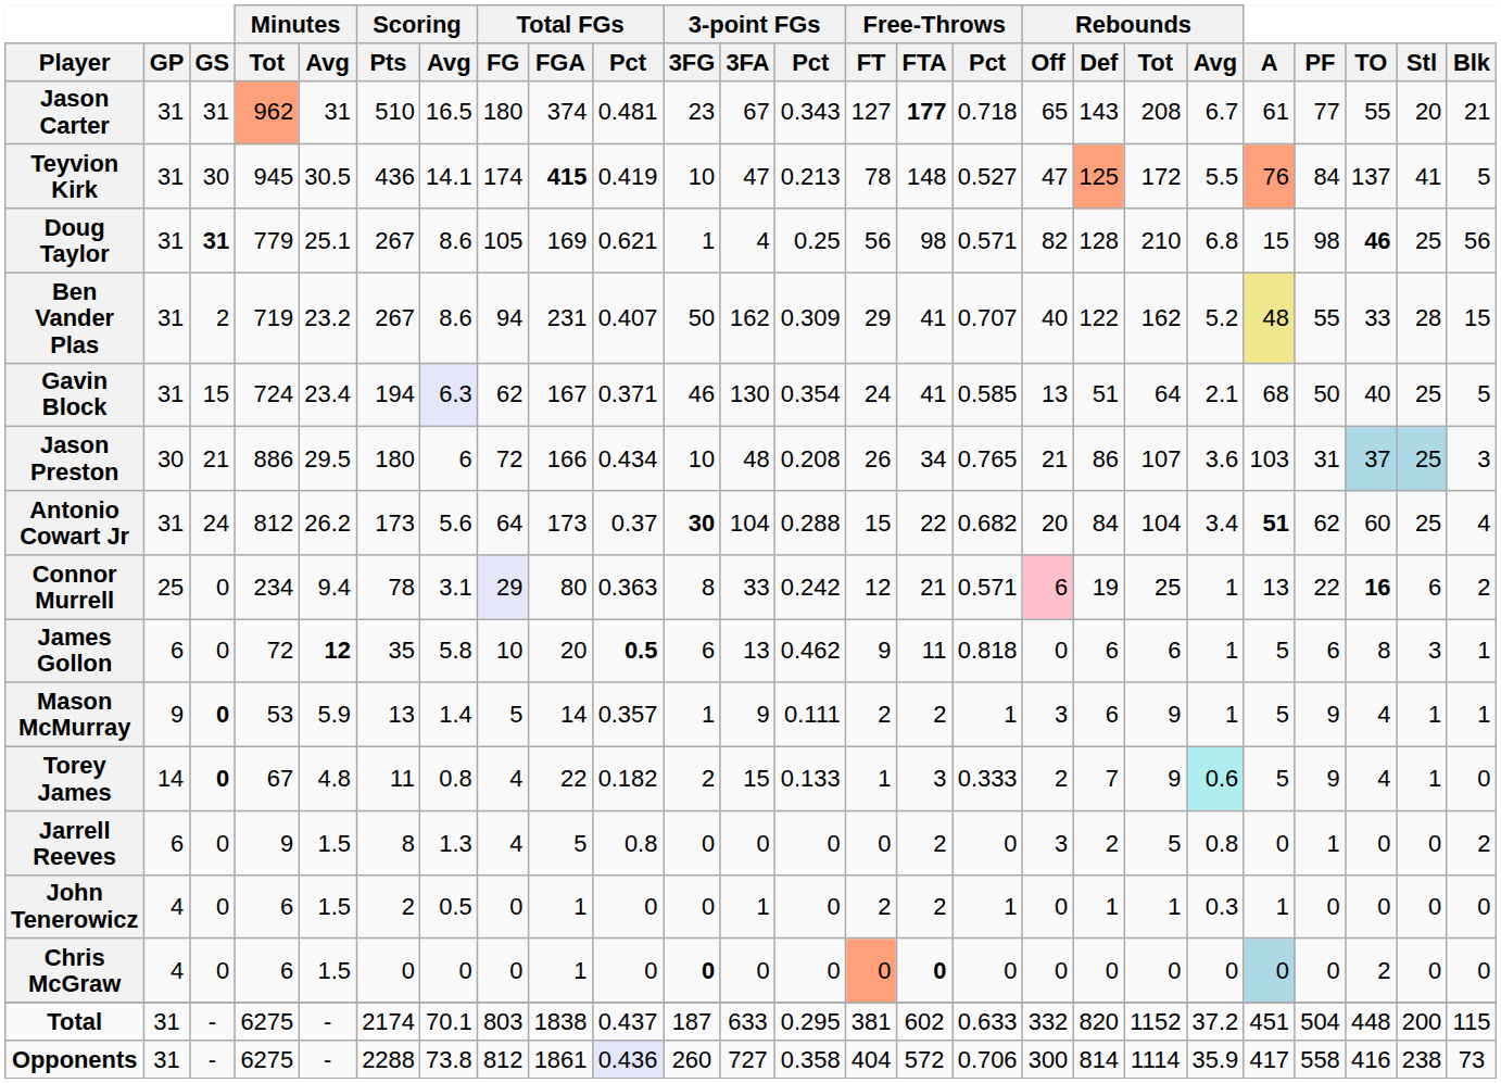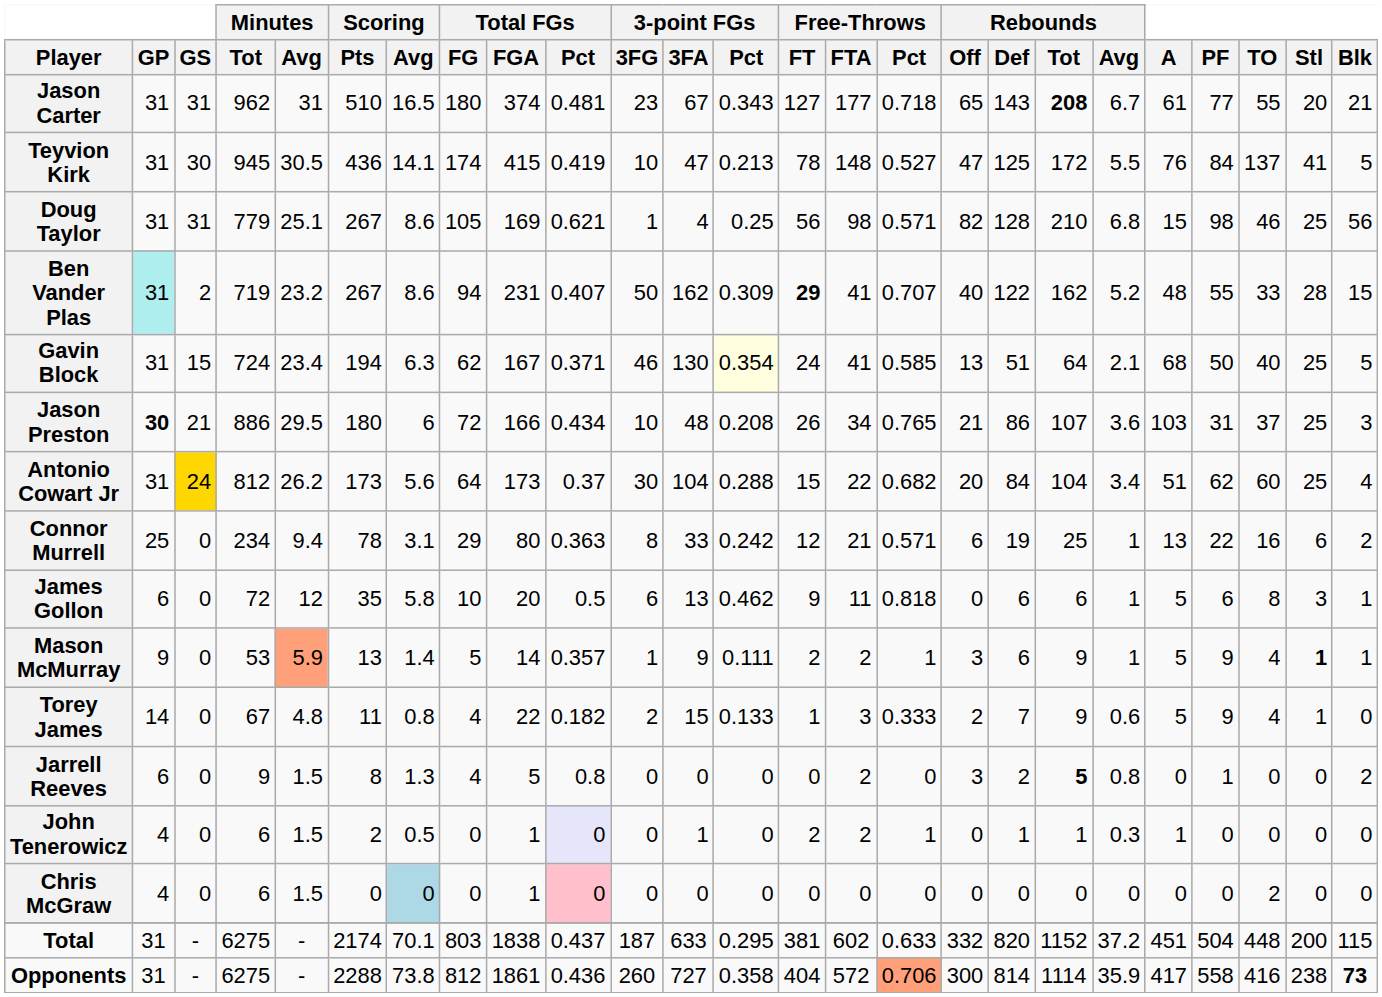 <table class="wikitable sortable" border="1" style="font-size:90%;">
 <tr>
 <th colspan="3" style="border-top-style:hidden; border-left-style:hidden; background: white;"></th>
 <th colspan="2" style=>Minutes</th>
 <th colspan="2" style=>Scoring</th>
 <th colspan="3" style=>Total FGs</th>
 <th colspan="3" style=>3-point FGs</th>
 <th colspan="3" style=>Free-Throws</th>
 <th colspan="4" style=>Rebounds</th>
 <th colspan="5" style="border-top-style:hidden; border-right-style:hidden; background: white;"></th>
 </tr>
 <tr>
 <th scope="col" style=>Player</th>
 <th scope="col" style=>GP</th>
 <th scope="col" style=>GS</th>
 <th scope="col" style=>Tot</th>
 <th scope="col" style=>Avg</th>
 <th scope="col" style=>Pts</th>
 <th scope="col" style=>Avg</th>
 <th scope="col" style=>FG</th>
 <th scope="col" style=>FGA</th>
 <th scope="col" style=>Pct</th>
 <th scope="col" style=>3FG</th>
 <th scope="col" style=>3FA</th>
 <th scope="col" style=>Pct</th>
 <th scope="col" style=>FT</th>
 <th scope="col" style=>FTA</th>
 <th scope="col" style=>Pct</th>
 <th scope="col" style=>Off</th>
 <th scope="col" style=>Def</th>
 <th scope="col" style=>Tot</th>
 <th scope="col" style=>Avg</th>
 <th scope="col" style=>A</th>
 <th scope="col" style=>PF</th>
 <th scope="col" style=>TO</th>
 <th scope="col" style=>Stl</th>
 <th scope="col" style=>Blk</th>
 </tr>
 <tr>
 <th>Jason Carter</th>
 <td align="right">31</td>
 <td align="right">31</td>
-<td align="right" style="background: lightsalmon;">962</td>
+<td align="right">962</td>
 <td align="right">31</td>
 <td align="right">510</td>
 <td align="right">16.5</td>
 <td align="right">180</td>
 <td align="right">374</td>
 <td align="right">0.481</td>
 <td align="right">23</td>
 <td align="right">67</td>
 <td align="right">0.343</td>
 <td align="right">127</td>
-<td align="right"><strong>177</strong></td>
+<td align="right">177</td>
 <td align="right">0.718</td>
 <td align="right">65</td>
 <td align="right">143</td>
-<td align="right">208</td>
+<td align="right"><strong>208</strong></td>
 <td align="right">6.7</td>
 <td align="right">61</td>
 <td align="right">77</td>
 <td align="right">55</td>
 <td align="right">20</td>
 <td align="right">21</td>
 </tr>
 <tr>
 <th>Teyvion Kirk</th>
 <td align="right">31</td>
 <td align="right">30</td>
 <td align="right">945</td>
 <td align="right">30.5</td>
 <td align="right">436</td>
 <td align="right">14.1</td>
 <td align="right">174</td>
-<td align="right"><strong>415</strong></td>
+<td align="right">415</td>
 <td align="right">0.419</td>
 <td align="right">10</td>
 <td align="right">47</td>
 <td align="right">0.213</td>
 <td align="right">78</td>
 <td align="right">148</td>
 <td align="right">0.527</td>
 <td align="right">47</td>
-<td align="right" style="background: lightsalmon;">125</td>
+<td align="right">125</td>
 <td align="right">172</td>
 <td align="right">5.5</td>
-<td align="right" style="background: lightsalmon;">76</td>
+<td align="right">76</td>
 <td align="right">84</td>
 <td align="right">137</td>
 <td align="right">41</td>
 <td align="right">5</td>
 </tr>
 <tr>
 <th>Doug Taylor</th>
 <td align="right">31</td>
-<td align="right"><strong>31</strong></td>
+<td align="right">31</td>
 <td align="right">779</td>
 <td align="right">25.1</td>
 <td align="right">267</td>
 <td align="right">8.6</td>
 <td align="right">105</td>
 <td align="right">169</td>
 <td align="right">0.621</td>
 <td align="right">1</td>
 <td align="right">4</td>
 <td align="right">0.25</td>
 <td align="right">56</td>
 <td align="right">98</td>
 <td align="right">0.571</td>
 <td align="right">82</td>
 <td align="right">128</td>
 <td align="right">210</td>
 <td align="right">6.8</td>
 <td align="right">15</td>
 <td align="right">98</td>
-<td align="right"><strong>46</strong></td>
+<td align="right">46</td>
 <td align="right">25</td>
 <td align="right">56</td>
 </tr>
 <tr>
 <th>Ben Vander Plas</th>
-<td align="right">31</td>
+<td align="right" style="background: paleturquoise;">31</td>
 <td align="right">2</td>
 <td align="right">719</td>
 <td align="right">23.2</td>
 <td align="right">267</td>
 <td align="right">8.6</td>
 <td align="right">94</td>
 <td align="right">231</td>
 <td align="right">0.407</td>
 <td align="right">50</td>
 <td align="right">162</td>
 <td align="right">0.309</td>
-<td align="right">29</td>
+<td align="right"><strong>29</strong></td>
 <td align="right">41</td>
 <td align="right">0.707</td>
 <td align="right">40</td>
 <td align="right">122</td>
 <td align="right">162</td>
 <td align="right">5.2</td>
-<td align="right" style="background: khaki;">48</td>
+<td align="right">48</td>
 <td align="right">55</td>
 <td align="right">33</td>
 <td align="right">28</td>
 <td align="right">15</td>
 </tr>
 <tr>
 <th>Gavin Block</th>
 <td align="right">31</td>
 <td align="right">15</td>
 <td align="right">724</td>
 <td align="right">23.4</td>
 <td align="right">194</td>
-<td align="right" style="background: lavender;">6.3</td>
+<td align="right">6.3</td>
 <td align="right">62</td>
 <td align="right">167</td>
 <td align="right">0.371</td>
 <td align="right">46</td>
 <td align="right">130</td>
-<td align="right">0.354</td>
+<td align="right" style="background: lightyellow;">0.354</td>
 <td align="right">24</td>
 <td align="right">41</td>
 <td align="right">0.585</td>
 <td align="right">13</td>
 <td align="right">51</td>
 <td align="right">64</td>
 <td align="right">2.1</td>
 <td align="right">68</td>
 <td align="right">50</td>
 <td align="right">40</td>
 <td align="right">25</td>
 <td align="right">5</td>
 </tr>
 <tr>
 <th>Jason Preston</th>
-<td align="right">30</td>
+<td align="right"><strong>30</strong></td>
 <td align="right">21</td>
 <td align="right">886</td>
 <td align="right">29.5</td>
 <td align="right">180</td>
 <td align="right">6</td>
 <td align="right">72</td>
 <td align="right">166</td>
 <td align="right">0.434</td>
 <td align="right">10</td>
 <td align="right">48</td>
 <td align="right">0.208</td>
 <td align="right">26</td>
 <td align="right">34</td>
 <td align="right">0.765</td>
 <td align="right">21</td>
 <td align="right">86</td>
 <td align="right">107</td>
 <td align="right">3.6</td>
 <td align="right">103</td>
 <td align="right">31</td>
-<td align="right" style="background: lightblue;">37</td>
-<td align="right" style="background: lightblue;">25</td>
+<td align="right">37</td>
+<td align="right">25</td>
 <td align="right">3</td>
 </tr>
 <tr>
 <th>Antonio Cowart Jr</th>
 <td align="right">31</td>
-<td align="right">24</td>
+<td align="right" style="background: gold;">24</td>
 <td align="right">812</td>
 <td align="right">26.2</td>
 <td align="right">173</td>
 <td align="right">5.6</td>
 <td align="right">64</td>
 <td align="right">173</td>
 <td align="right">0.37</td>
-<td align="right"><strong>30</strong></td>
+<td align="right">30</td>
 <td align="right">104</td>
 <td align="right">0.288</td>
 <td align="right">15</td>
 <td align="right">22</td>
 <td align="right">0.682</td>
 <td align="right">20</td>
 <td align="right">84</td>
 <td align="right">104</td>
 <td align="right">3.4</td>
-<td align="right"><strong>51</strong></td>
+<td align="right">51</td>
 <td align="right">62</td>
 <td align="right">60</td>
 <td align="right">25</td>
 <td align="right">4</td>
 </tr>
 <tr>
 <th>Connor Murrell</th>
 <td align="right">25</td>
 <td align="right">0</td>
 <td align="right">234</td>
 <td align="right">9.4</td>
 <td align="right">78</td>
 <td align="right">3.1</td>
-<td align="right" style="background: lavender;">29</td>
+<td align="right">29</td>
 <td align="right">80</td>
 <td align="right">0.363</td>
 <td align="right">8</td>
 <td align="right">33</td>
 <td align="right">0.242</td>
 <td align="right">12</td>
 <td align="right">21</td>
 <td align="right">0.571</td>
-<td align="right" style="background: pink;">6</td>
+<td align="right">6</td>
 <td align="right">19</td>
 <td align="right">25</td>
 <td align="right">1</td>
 <td align="right">13</td>
 <td align="right">22</td>
-<td align="right"><strong>16</strong></td>
+<td align="right">16</td>
 <td align="right">6</td>
 <td align="right">2</td>
 </tr>
 <tr>
 <th>James Gollon</th>
 <td align="right">6</td>
 <td align="right">0</td>
 <td align="right">72</td>
-<td align="right"><strong>12</strong></td>
+<td align="right">12</td>
 <td align="right">35</td>
 <td align="right">5.8</td>
 <td align="right">10</td>
 <td align="right">20</td>
-<td align="right"><strong>0.5</strong></td>
+<td align="right">0.5</td>
 <td align="right">6</td>
 <td align="right">13</td>
 <td align="right">0.462</td>
 <td align="right">9</td>
 <td align="right">11</td>
 <td align="right">0.818</td>
 <td align="right">0</td>
 <td align="right">6</td>
 <td align="right">6</td>
 <td align="right">1</td>
 <td align="right">5</td>
 <td align="right">6</td>
 <td align="right">8</td>
 <td align="right">3</td>
 <td align="right">1</td>
 </tr>
 <tr>
 <th>Mason McMurray</th>
 <td align="right">9</td>
-<td align="right"><strong>0</strong></td>
+<td align="right">0</td>
 <td align="right">53</td>
-<td align="right">5.9</td>
+<td align="right" style="background: lightsalmon;">5.9</td>
 <td align="right">13</td>
 <td align="right">1.4</td>
 <td align="right">5</td>
 <td align="right">14</td>
 <td align="right">0.357</td>
 <td align="right">1</td>
 <td align="right">9</td>
 <td align="right">0.111</td>
 <td align="right">2</td>
 <td align="right">2</td>
 <td align="right">1</td>
 <td align="right">3</td>
 <td align="right">6</td>
 <td align="right">9</td>
 <td align="right">1</td>
 <td align="right">5</td>
 <td align="right">9</td>
 <td align="right">4</td>
-<td align="right">1</td>
+<td align="right"><strong>1</strong></td>
 <td align="right">1</td>
 </tr>
 <tr>
 <th>Torey James</th>
 <td align="right">14</td>
-<td align="right"><strong>0</strong></td>
+<td align="right">0</td>
 <td align="right">67</td>
 <td align="right">4.8</td>
 <td align="right">11</td>
 <td align="right">0.8</td>
 <td align="right">4</td>
 <td align="right">22</td>
 <td align="right">0.182</td>
 <td align="right">2</td>
 <td align="right">15</td>
 <td align="right">0.133</td>
 <td align="right">1</td>
 <td align="right">3</td>
 <td align="right">0.333</td>
 <td align="right">2</td>
 <td align="right">7</td>
 <td align="right">9</td>
-<td align="right" style="background: paleturquoise;">0.6</td>
+<td align="right">0.6</td>
 <td align="right">5</td>
 <td align="right">9</td>
 <td align="right">4</td>
 <td align="right">1</td>
 <td align="right">0</td>
 </tr>
 <tr>
 <th>Jarrell Reeves</th>
 <td align="right">6</td>
 <td align="right">0</td>
 <td align="right">9</td>
 <td align="right">1.5</td>
 <td align="right">8</td>
 <td align="right">1.3</td>
 <td align="right">4</td>
 <td align="right">5</td>
 <td align="right">0.8</td>
 <td align="right">0</td>
 <td align="right">0</td>
 <td align="right">0</td>
 <td align="right">0</td>
 <td align="right">2</td>
 <td align="right">0</td>
 <td align="right">3</td>
 <td align="right">2</td>
-<td align="right">5</td>
+<td align="right"><strong>5</strong></td>
 <td align="right">0.8</td>
 <td align="right">0</td>
 <td align="right">1</td>
 <td align="right">0</td>
 <td align="right">0</td>
 <td align="right">2</td>
 </tr>
 <tr>
 <th>John Tenerowicz</th>
 <td align="right">4</td>
 <td align="right">0</td>
 <td align="right">6</td>
 <td align="right">1.5</td>
 <td align="right">2</td>
 <td align="right">0.5</td>
 <td align="right">0</td>
 <td align="right">1</td>
-<td align="right">0</td>
+<td align="right" style="background: lavender;">0</td>
 <td align="right">0</td>
 <td align="right">1</td>
 <td align="right">0</td>
 <td align="right">2</td>
 <td align="right">2</td>
 <td align="right">1</td>
 <td align="right">0</td>
 <td align="right">1</td>
 <td align="right">1</td>
 <td align="right">0.3</td>
 <td align="right">1</td>
 <td align="right">0</td>
 <td align="right">0</td>
 <td align="right">0</td>
 <td align="right">0</td>
 </tr>
 <tr>
 <th>Chris McGraw</th>
 <td align="right">4</td>
 <td align="right">0</td>
 <td align="right">6</td>
 <td align="right">1.5</td>
 <td align="right">0</td>
-<td align="right">0</td>
+<td align="right" style="background: lightblue;">0</td>
 <td align="right">0</td>
 <td align="right">1</td>
-<td align="right">0</td>
-<td align="right"><strong>0</strong></td>
-<td align="right">0</td>
-<td align="right">0</td>
-<td align="right" style="background: lightsalmon;">0</td>
-<td align="right"><strong>0</strong></td>
+<td align="right" style="background: pink;">0</td>
 <td align="right">0</td>
 <td align="right">0</td>
 <td align="right">0</td>
 <td align="right">0</td>
 <td align="right">0</td>
-<td align="right" style="background: lightblue;">0</td>
+<td align="right">0</td>
+<td align="right">0</td>
+<td align="right">0</td>
+<td align="right">0</td>
+<td align="right">0</td>
+<td align="right">0</td>
 <td align="right">0</td>
 <td align="right">2</td>
 <td align="right">0</td>
 <td align="right">0</td>
 </tr>
 <tr>
 </tr>
 <tr class="sortbottom">
 <td align="center" style=><strong>Total</strong></td>
 <td align="center" style=>31</td>
 <td align="center" style=>-</td>
 <td align="center" style=>6275</td>
 <td align="center" style=>-</td>
 <td align="center" style=>2174</td>
 <td align="center" style=>70.1</td>
 <td align="center" style=>803</td>
 <td align="center" style=>1838</td>
 <td align="center" style=>0.437</td>
 <td align="center" style=>187</td>
 <td align="center" style=>633</td>
 <td align="center" style=>0.295</td>
 <td align="center" style=>381</td>
 <td align="center" style=>602</td>
 <td align="center" style=>0.633</td>
 <td align="center" style=>332</td>
 <td align="center" style=>820</td>
 <td align="center" style=>1152</td>
 <td align="center" style=>37.2</td>
 <td align="center" style=>451</td>
 <td align="center" style=>504</td>
 <td align="center" style=>448</td>
 <td align="center" style=>200</td>
 <td align="center" style=>115</td>
 </tr>
 <tr class="sortbottom">
 <td align="center"><strong>Opponents</strong></td>
 <td align="center">31</td>
 <td align="center">-</td>
 <td align="center">6275</td>
 <td align="center">-</td>
 <td align="center">2288</td>
 <td align="center">73.8</td>
 <td align="center">812</td>
 <td align="center">1861</td>
-<td align="center" style="background: lavender;">0.436</td>
+<td align="center">0.436</td>
 <td align="center">260</td>
 <td align="center">727</td>
 <td align="center">0.358</td>
 <td align="center">404</td>
 <td align="center">572</td>
-<td align="center">0.706</td>
+<td align="center" style="background: lightsalmon;">0.706</td>
 <td align="center">300</td>
 <td align="center">814</td>
 <td align="center">1114</td>
 <td align="center">35.9</td>
 <td align="center">417</td>
 <td align="center">558</td>
 <td align="center">416</td>
 <td align="center">238</td>
-<td align="center">73</td>
+<td align="center"><strong>73</strong></td>
 </tr>
 </table>
